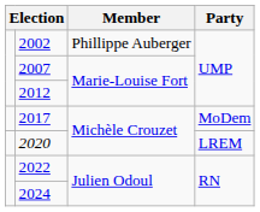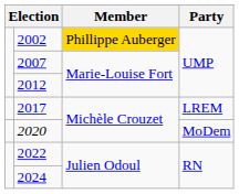 <table class="wikitable">
 <tr>
 <th colspan="2">Election</th>
 <th>Member</th>
 <th>Party</th>
 </tr>
 <tr>
 <td rowspan="3" style="background-color: "></td>
 <td><a href='#'>2002</a></td>
-<td>Phillippe Auberger</td>
+<td style="background: gold;">Phillippe Auberger</td>
 <td rowspan="3"><a href='#'>UMP</a></td>
 </tr>
 <tr>
 <td><a href='#'>2007</a></td>
 <td rowspan="2"><a href='#'>Marie-Louise Fort</a></td>
 </tr>
 <tr>
 <td><a href='#'>2012</a></td>
 </tr>
 <tr>
 <td style="background-color: "></td>
 <td><a href='#'>2017</a></td>
 <td rowspan="2"><a href='#'>Michèle Crouzet</a></td>
-<td><a href='#'>MoDem</a></td>
+<td><a href='#'>LREM</a></td>
 </tr>
 <tr>
 <td style="background-color: "></td>
 <td><em>2020</em></td>
-<td><a href='#'>LREM</a></td>
+<td><a href='#'>MoDem</a></td>
 </tr>
 <tr>
 <td rowspan="2" style="background-color: "></td>
 <td><a href='#'>2022</a></td>
 <td rowspan="2"><a href='#'>Julien Odoul</a></td>
 <td rowspan="2"><a href='#'>RN</a></td>
 </tr>
 <tr>
 <td><a href='#'>2024</a></td>
 </tr>
 </table>
